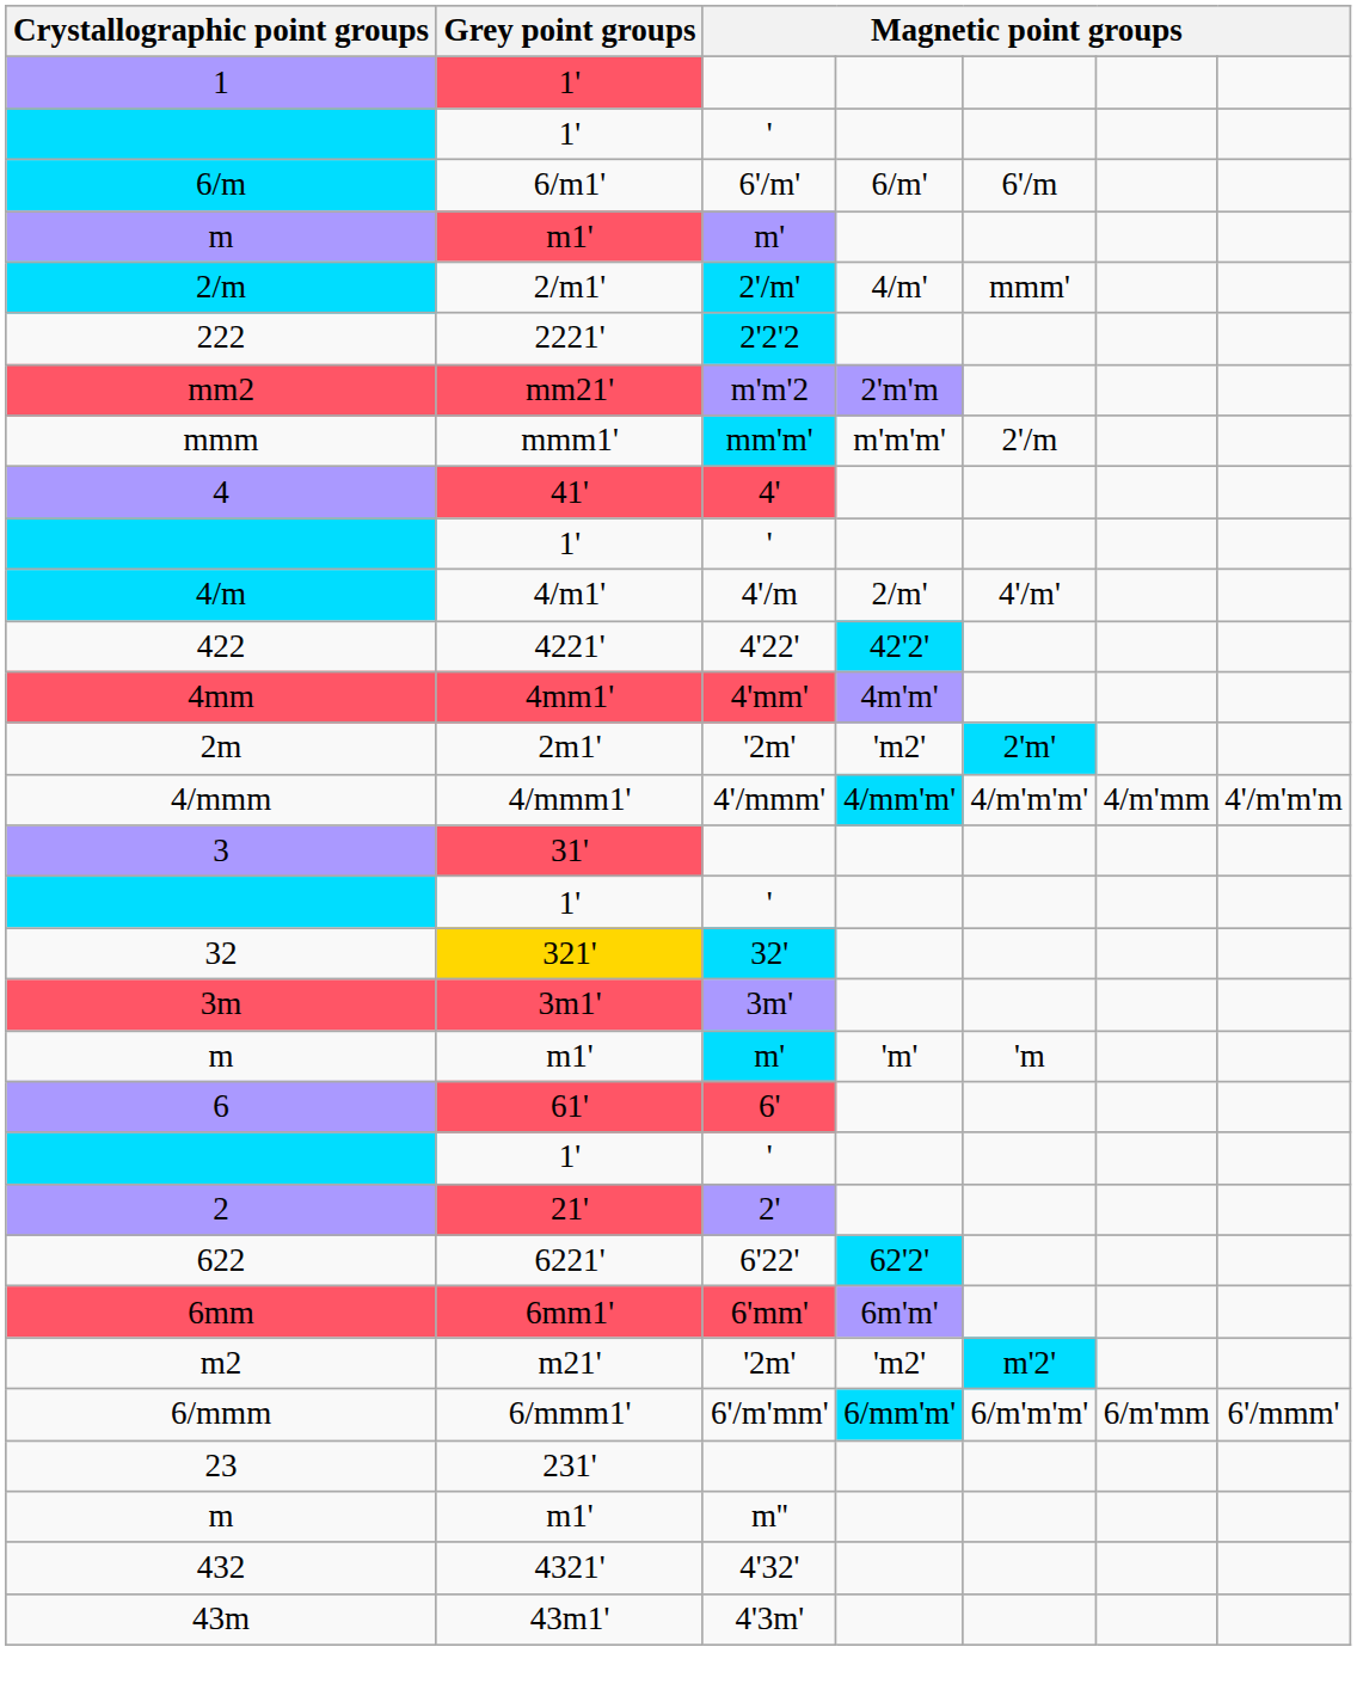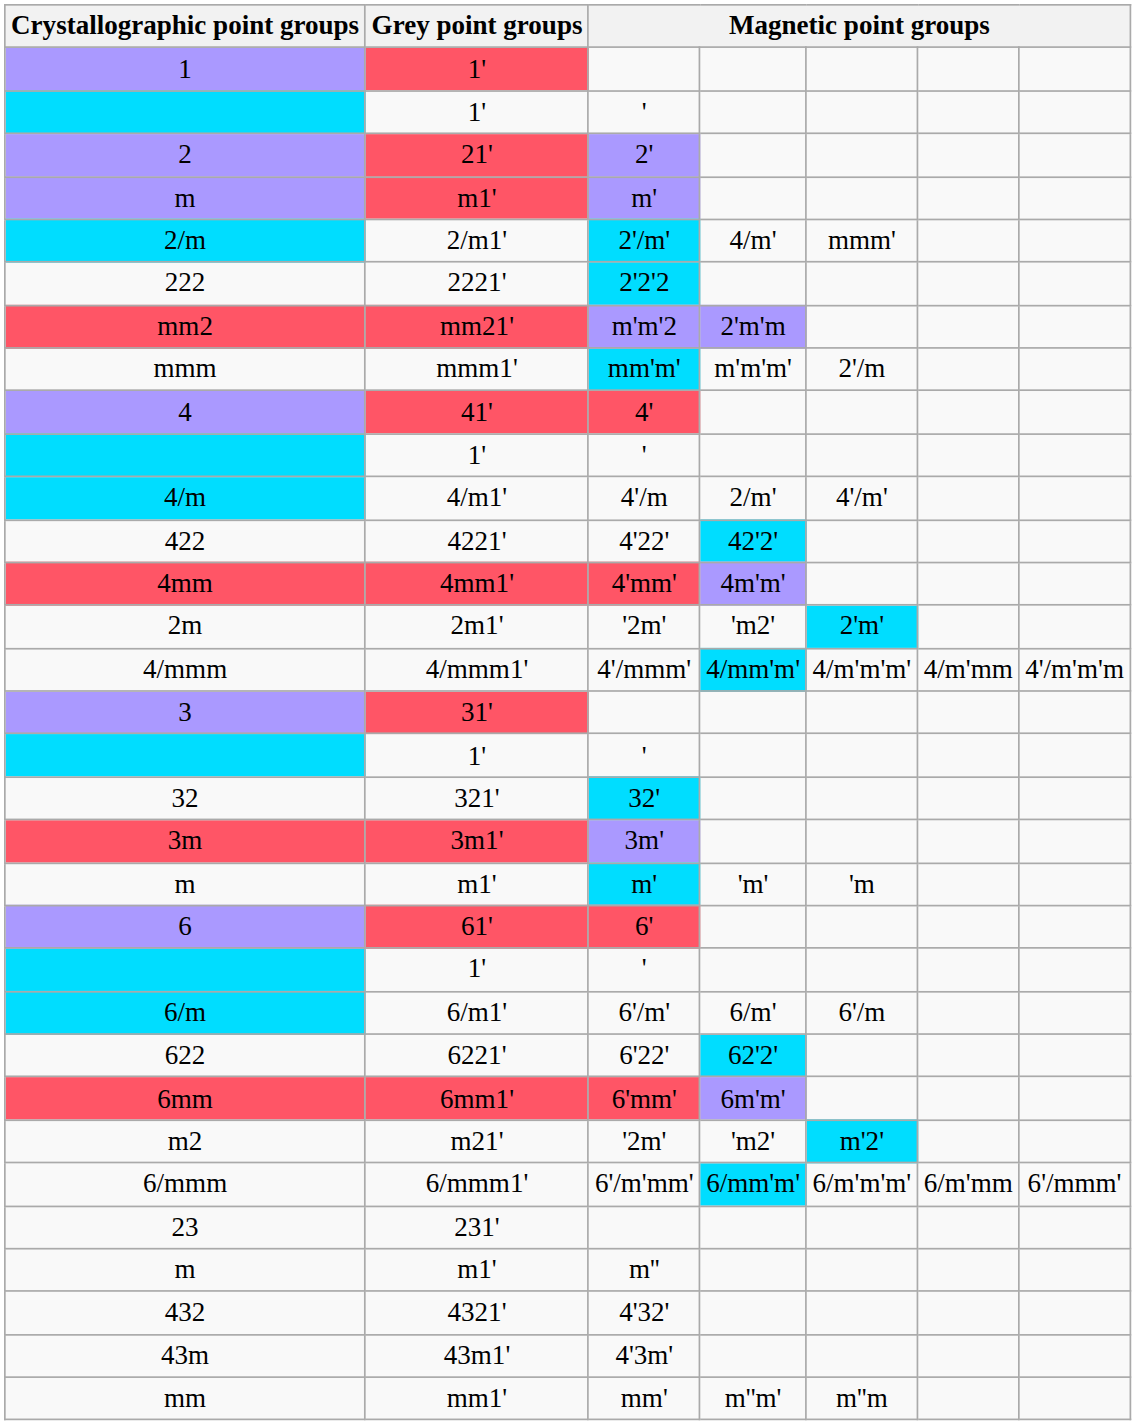 <table class="wikitable" style="text-align: center;">
 <tr>
 <th>Crystallographic point groups</th>
 <th>Grey point groups</th>
 <th colspan="5">Magnetic point groups</th>
 </tr>
 <tr>
 <td style="background: #A9F">1</td>
 <td style="background: #F56">1'</td>
 <td></td>
 <td></td>
 <td></td>
 <td></td>
 <td></td>
 </tr>
 <tr>
 <td style="background: #0DF"></td>
 <td>1'</td>
 <td>'</td>
 <td></td>
 <td></td>
 <td></td>
 <td></td>
 </tr>
 <tr>
-<td style="background: #0DF">6/m</td>
-<td>6/m1'</td>
-<td>6'/m'</td>
-<td>6/m'</td>
-<td>6'/m</td>
+<td style="background: #A9F">2</td>
+<td style="background: #F56">21'</td>
+<td style="background: #A9F">2'</td>
+<td></td>
+<td></td>
 <td></td>
 <td></td>
 </tr>
 <tr>
 <td style="background: #A9F">m</td>
 <td style="background: #F56">m1'</td>
 <td style="background: #A9F">m'</td>
 <td></td>
 <td></td>
 <td></td>
 <td></td>
 </tr>
 <tr>
 <td style="background: #0DF">2/m</td>
 <td>2/m1'</td>
 <td style="background: #0DF">2'/m'</td>
 <td>4/m'</td>
 <td>mmm'</td>
 <td></td>
 <td></td>
 </tr>
 <tr>
 <td>222</td>
 <td>2221'</td>
 <td style="background: #0DF">2'2'2</td>
 <td></td>
 <td></td>
 <td></td>
 <td></td>
 </tr>
 <tr>
 <td style="background: #F56">mm2</td>
 <td style="background: #F56">mm21'</td>
 <td style="background: #A9F">m'm'2</td>
 <td style="background: #A9F">2'm'm</td>
 <td></td>
 <td></td>
 <td></td>
 </tr>
 <tr>
 <td>mmm</td>
 <td>mmm1'</td>
 <td style="background: #0DF">mm'm'</td>
 <td>m'm'm'</td>
 <td>2'/m</td>
 <td></td>
 <td></td>
 </tr>
 <tr>
 <td style="background: #A9F">4</td>
 <td style="background: #F56">41'</td>
 <td style="background: #F56">4'</td>
 <td></td>
 <td></td>
 <td></td>
 <td></td>
 </tr>
 <tr>
 <td style="background: #0DF"></td>
 <td>1'</td>
 <td>'</td>
 <td></td>
 <td></td>
 <td></td>
 <td></td>
 </tr>
 <tr>
 <td style="background: #0DF">4/m</td>
 <td>4/m1'</td>
 <td>4'/m</td>
 <td>2/m'</td>
 <td>4'/m'</td>
 <td></td>
 <td></td>
 </tr>
 <tr>
 <td>422</td>
 <td>4221'</td>
 <td>4'22'</td>
 <td style="background: #0DF">42'2'</td>
 <td></td>
 <td></td>
 <td></td>
 </tr>
 <tr>
 <td style="background: #F56">4mm</td>
 <td style="background: #F56">4mm1'</td>
 <td style="background: #F56">4'mm'</td>
 <td style="background: #A9F">4m'm'</td>
 <td></td>
 <td></td>
 <td></td>
 </tr>
 <tr>
 <td>2m</td>
 <td>2m1'</td>
 <td>'2m'</td>
 <td>'m2'</td>
 <td style="background: #0DF">2'm'</td>
 <td></td>
 <td></td>
 </tr>
 <tr>
 <td>4/mmm</td>
 <td>4/mmm1'</td>
 <td>4'/mmm'</td>
 <td style="background: #0DF">4/mm'm'</td>
 <td>4/m'm'm'</td>
 <td>4/m'mm</td>
 <td>4'/m'm'm</td>
 </tr>
 <tr>
 <td style="background: #A9F">3</td>
 <td style="background: #F56">31'</td>
 <td></td>
 <td></td>
 <td></td>
 <td></td>
 <td></td>
 </tr>
 <tr>
 <td style="background: #0DF"></td>
 <td>1'</td>
 <td>'</td>
 <td></td>
 <td></td>
 <td></td>
 <td></td>
 </tr>
 <tr>
 <td>32</td>
-<td style="background: gold;">321'</td>
+<td>321'</td>
 <td style="background: #0DF">32'</td>
 <td></td>
 <td></td>
 <td></td>
 <td></td>
 </tr>
 <tr>
 <td style="background: #F56">3m</td>
 <td style="background: #F56">3m1'</td>
 <td style="background: #A9F">3m'</td>
 <td></td>
 <td></td>
 <td></td>
 <td></td>
 </tr>
 <tr>
 <td>m</td>
 <td>m1'</td>
 <td style="background: #0DF">m'</td>
 <td>'m'</td>
 <td>'m</td>
 <td></td>
 <td></td>
 </tr>
 <tr>
 <td style="background: #A9F">6</td>
 <td style="background: #F56">61'</td>
 <td style="background: #F56">6'</td>
 <td></td>
 <td></td>
 <td></td>
 <td></td>
 </tr>
 <tr>
 <td style="background: #0DF"></td>
 <td>1'</td>
 <td>'</td>
 <td></td>
 <td></td>
 <td></td>
 <td></td>
 </tr>
 <tr>
-<td style="background: #A9F">2</td>
-<td style="background: #F56">21'</td>
-<td style="background: #A9F">2'</td>
-<td></td>
-<td></td>
+<td style="background: #0DF">6/m</td>
+<td>6/m1'</td>
+<td>6'/m'</td>
+<td>6/m'</td>
+<td>6'/m</td>
 <td></td>
 <td></td>
 </tr>
 <tr>
 <td>622</td>
 <td>6221'</td>
 <td>6'22'</td>
 <td style="background: #0DF">62'2'</td>
 <td></td>
 <td></td>
 <td></td>
 </tr>
 <tr>
 <td style="background: #F56">6mm</td>
 <td style="background: #F56">6mm1'</td>
 <td style="background: #F56">6'mm'</td>
 <td style="background: #A9F">6m'm'</td>
 <td></td>
 <td></td>
 <td></td>
 </tr>
 <tr>
 <td>m2</td>
 <td>m21'</td>
 <td>'2m'</td>
 <td>'m2'</td>
 <td style="background: #0DF">m'2'</td>
 <td></td>
 <td></td>
 </tr>
 <tr>
 <td>6/mmm</td>
 <td>6/mmm1'</td>
 <td>6'/m'mm'</td>
 <td style="background: #0DF">6/mm'm'</td>
 <td>6/m'm'm'</td>
 <td>6/m'mm</td>
 <td>6'/mmm'</td>
 </tr>
 <tr>
 <td>23</td>
 <td>231'</td>
 <td></td>
 <td></td>
 <td></td>
 <td></td>
 <td></td>
 </tr>
 <tr>
 <td>m</td>
 <td>m1'</td>
 <td>m''</td>
 <td></td>
 <td></td>
 <td></td>
 <td></td>
 </tr>
 <tr>
 <td>432</td>
 <td>4321'</td>
 <td>4'32'</td>
 <td></td>
 <td></td>
 <td></td>
 <td></td>
 </tr>
 <tr>
 <td>43m</td>
 <td>43m1'</td>
 <td>4'3m'</td>
 <td></td>
 <td></td>
 <td></td>
 <td></td>
 </tr>
+<tr>
+<td>mm</td>
+<td>mm1'</td>
+<td>mm'</td>
+<td>m''m'</td>
+<td>m''m</td>
+<td></td>
+<td></td>
+</tr>
 </table>
